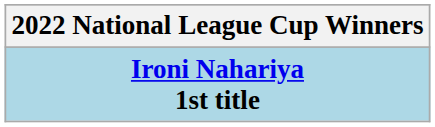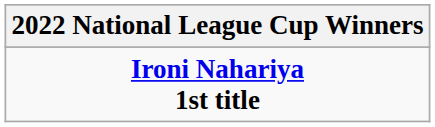 <table class=wikitable style="text-align:center; margin:auto">
 <tr>
 <th>2022 National League Cup Winners</th>
 </tr>
 <tr>
-<td style="background: lightblue;"><strong><a href='#'>Ironi Nahariya</a></strong> <br> <strong>1st title</strong></td>
+<td><strong><a href='#'>Ironi Nahariya</a></strong> <br> <strong>1st title</strong></td>
 </tr>
 </table>
